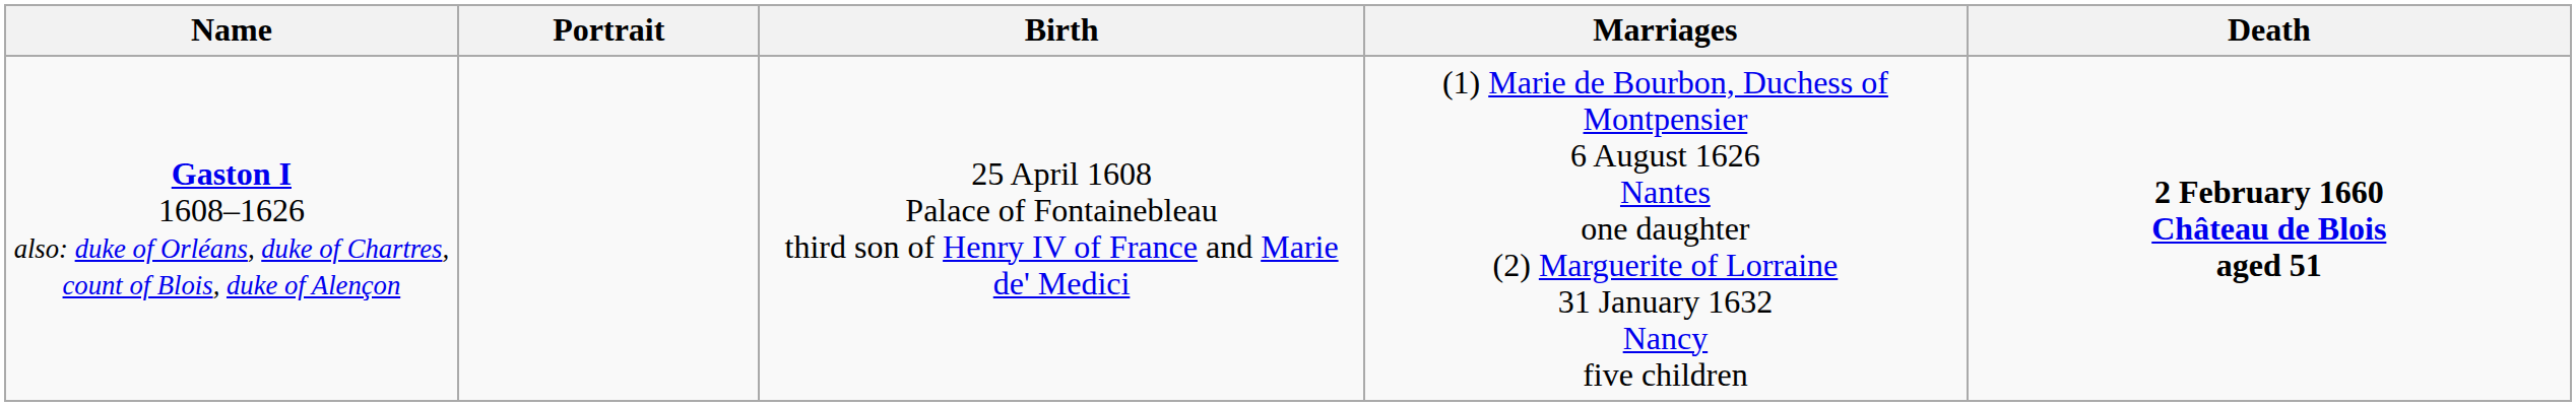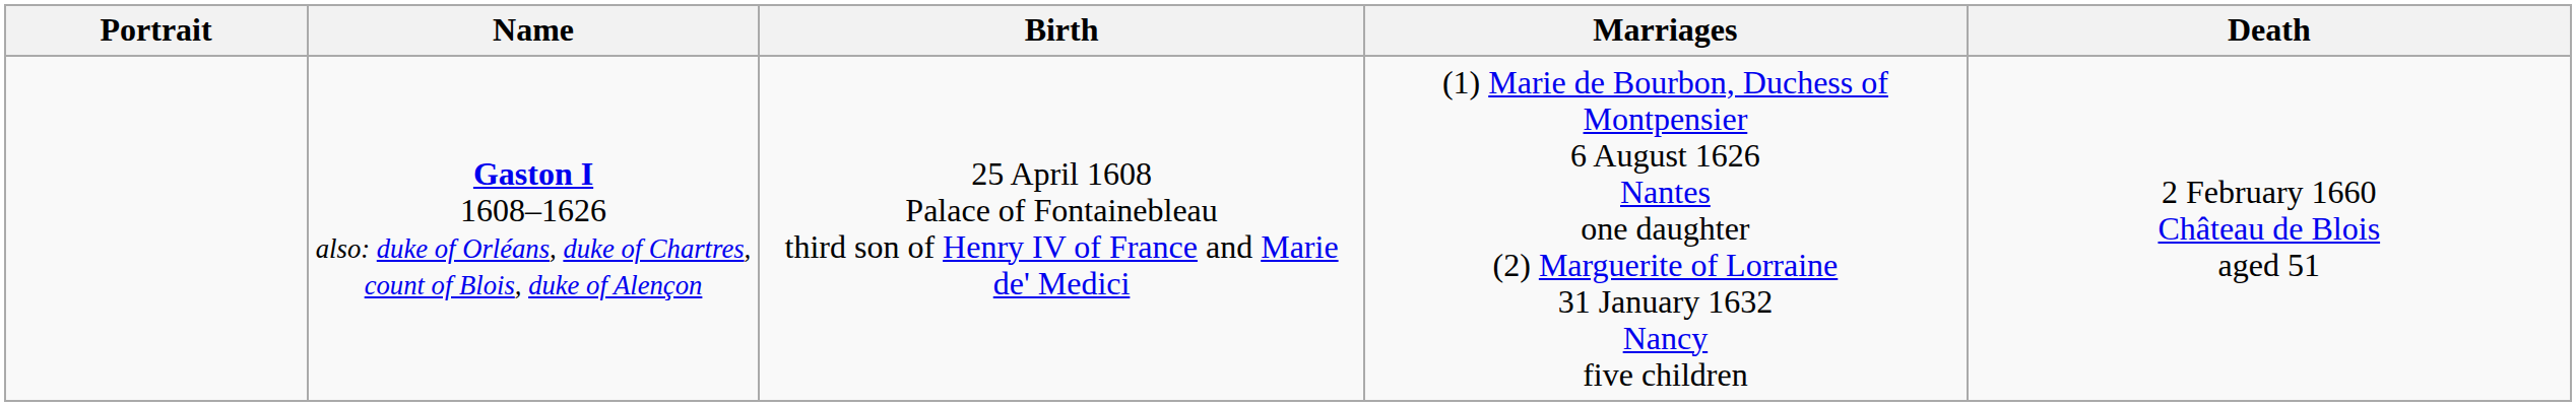 <table style="text-align:center; width:100%" class="wikitable">
 <tr>
+<th style="width:10%;">Portrait</th>
 <th style="width:15%;">Name</th>
-<th style="width:10%;">Portrait</th>
 <th style="width:20%;">Birth</th>
 <th style="width:20%;">Marriages</th>
 <th style="width:20%;">Death</th>
 </tr>
 <tr>
+<td></td>
 <td width=auto><strong><a href='#'>Gaston I</a></strong><br>1608–1626<br><em><small>also: <a href='#'>duke of Orléans</a>, <a href='#'>duke of Chartres</a>, <a href='#'>count of Blois</a>, <a href='#'>duke of Alençon</a></small></em></td>
-<td></td>
 <td>25 April 1608<br>Palace of Fontainebleau<br>third son of <a href='#'>Henry IV of France</a> and <a href='#'>Marie de' Medici</a></td>
 <td>(1) <a href='#'>Marie de Bourbon, Duchess of Montpensier</a><br>6 August 1626<br><a href='#'>Nantes</a><br>one daughter<br> (2) <a href='#'>Marguerite of Lorraine</a><br>31 January 1632<br><a href='#'>Nancy</a><br>five children</td>
-<td><strong>2 February 1660<br><a href='#'>Château de Blois</a><br>aged 51</strong></td>
+<td>2 February 1660<br><a href='#'>Château de Blois</a><br>aged 51</td>
 </tr>
 </table>
